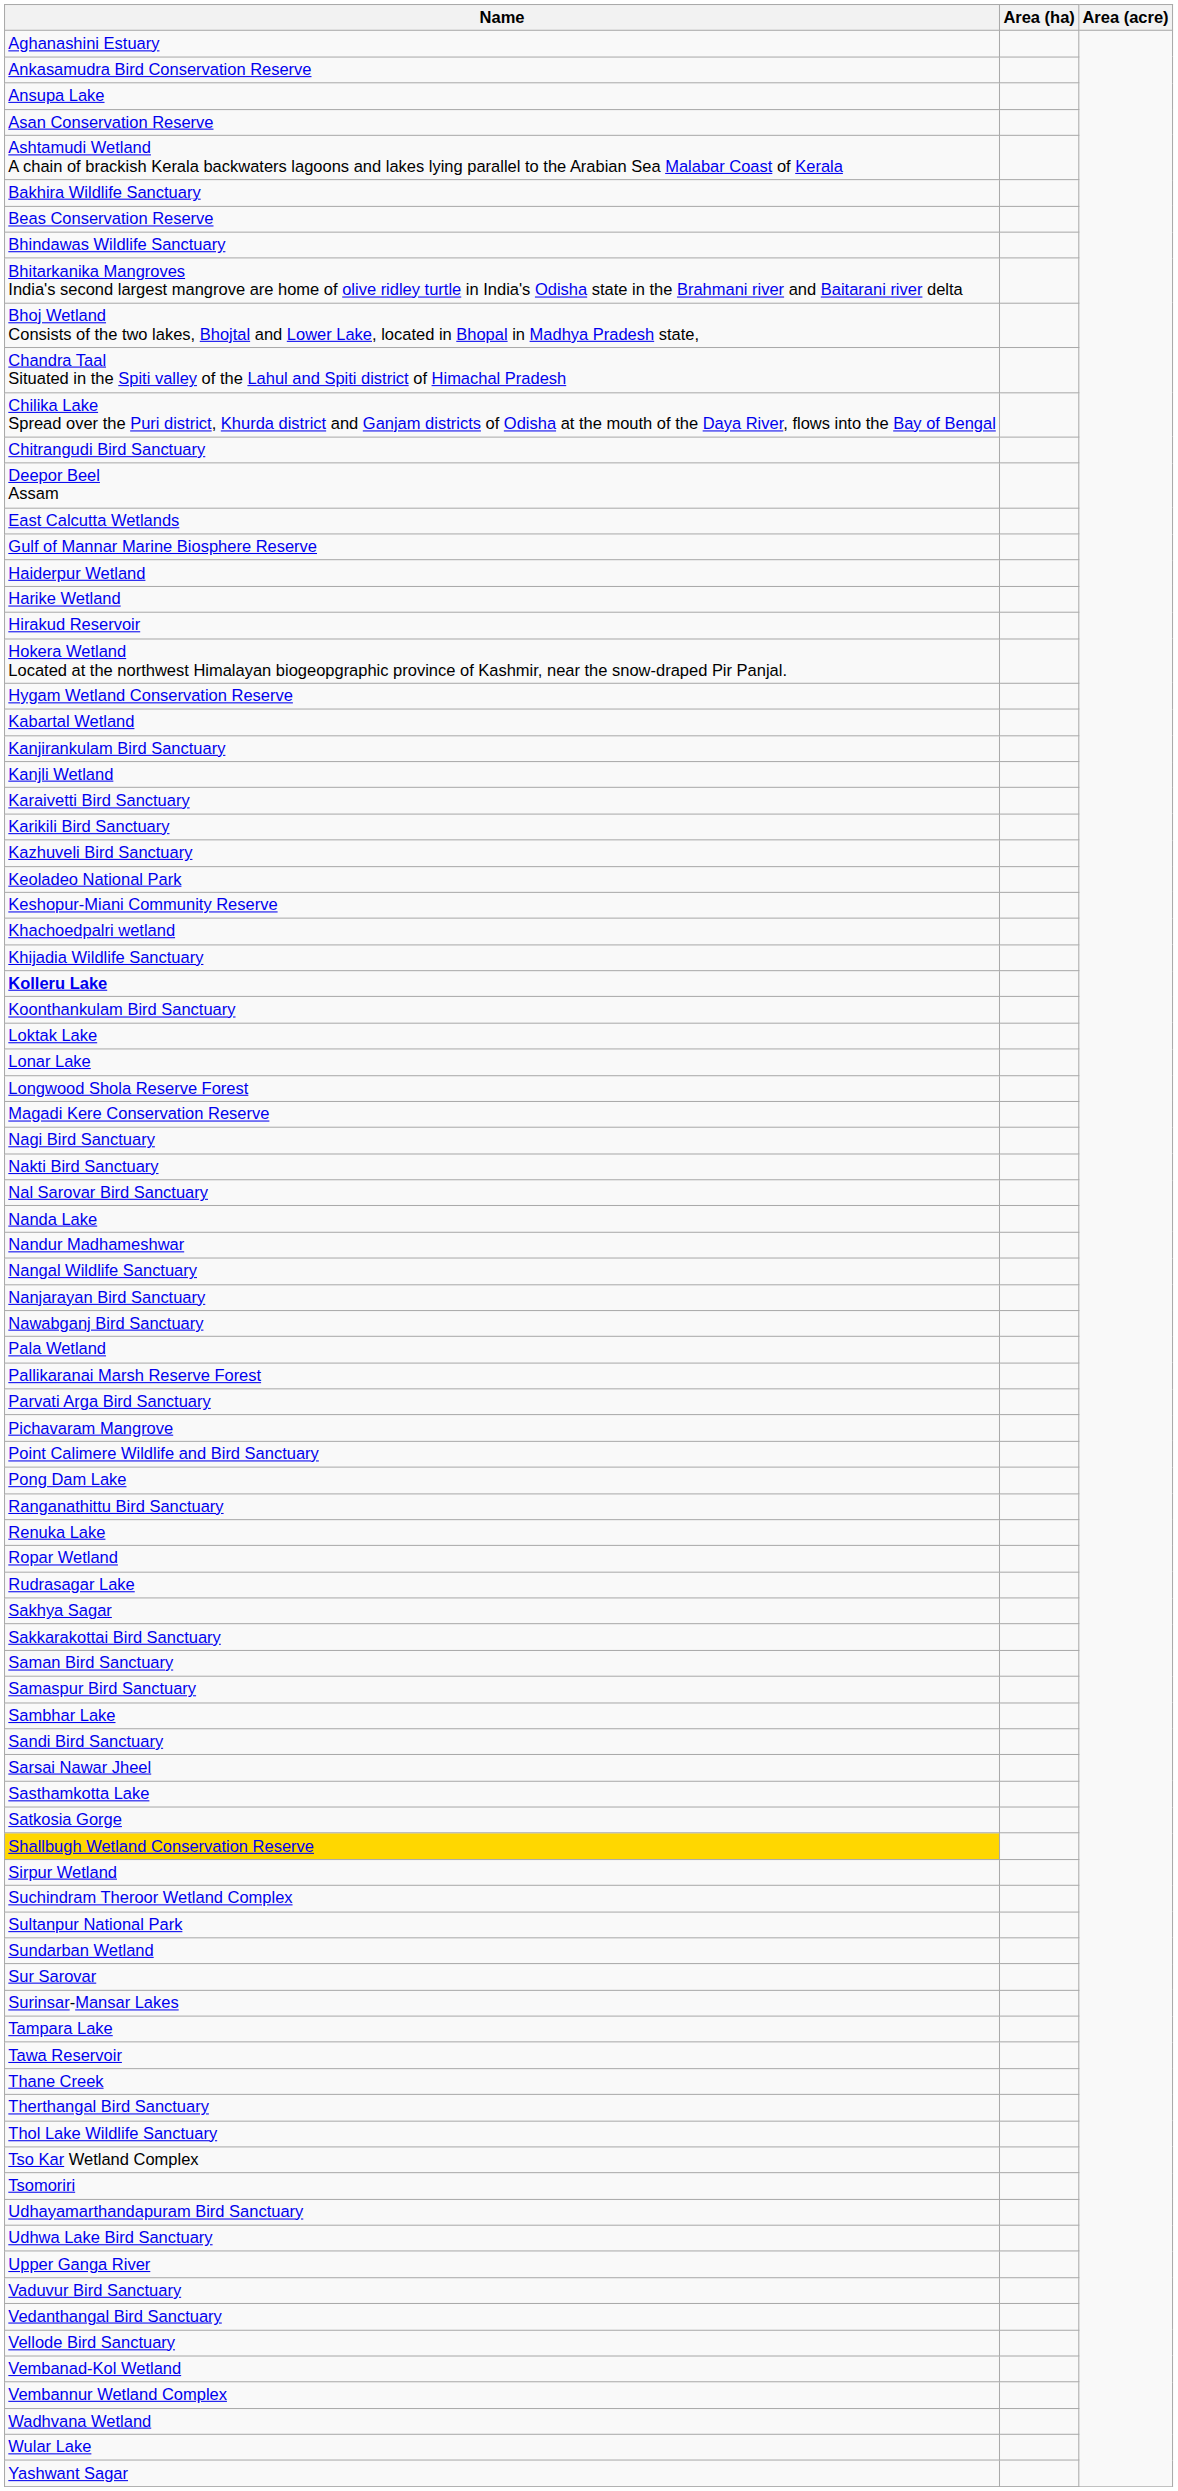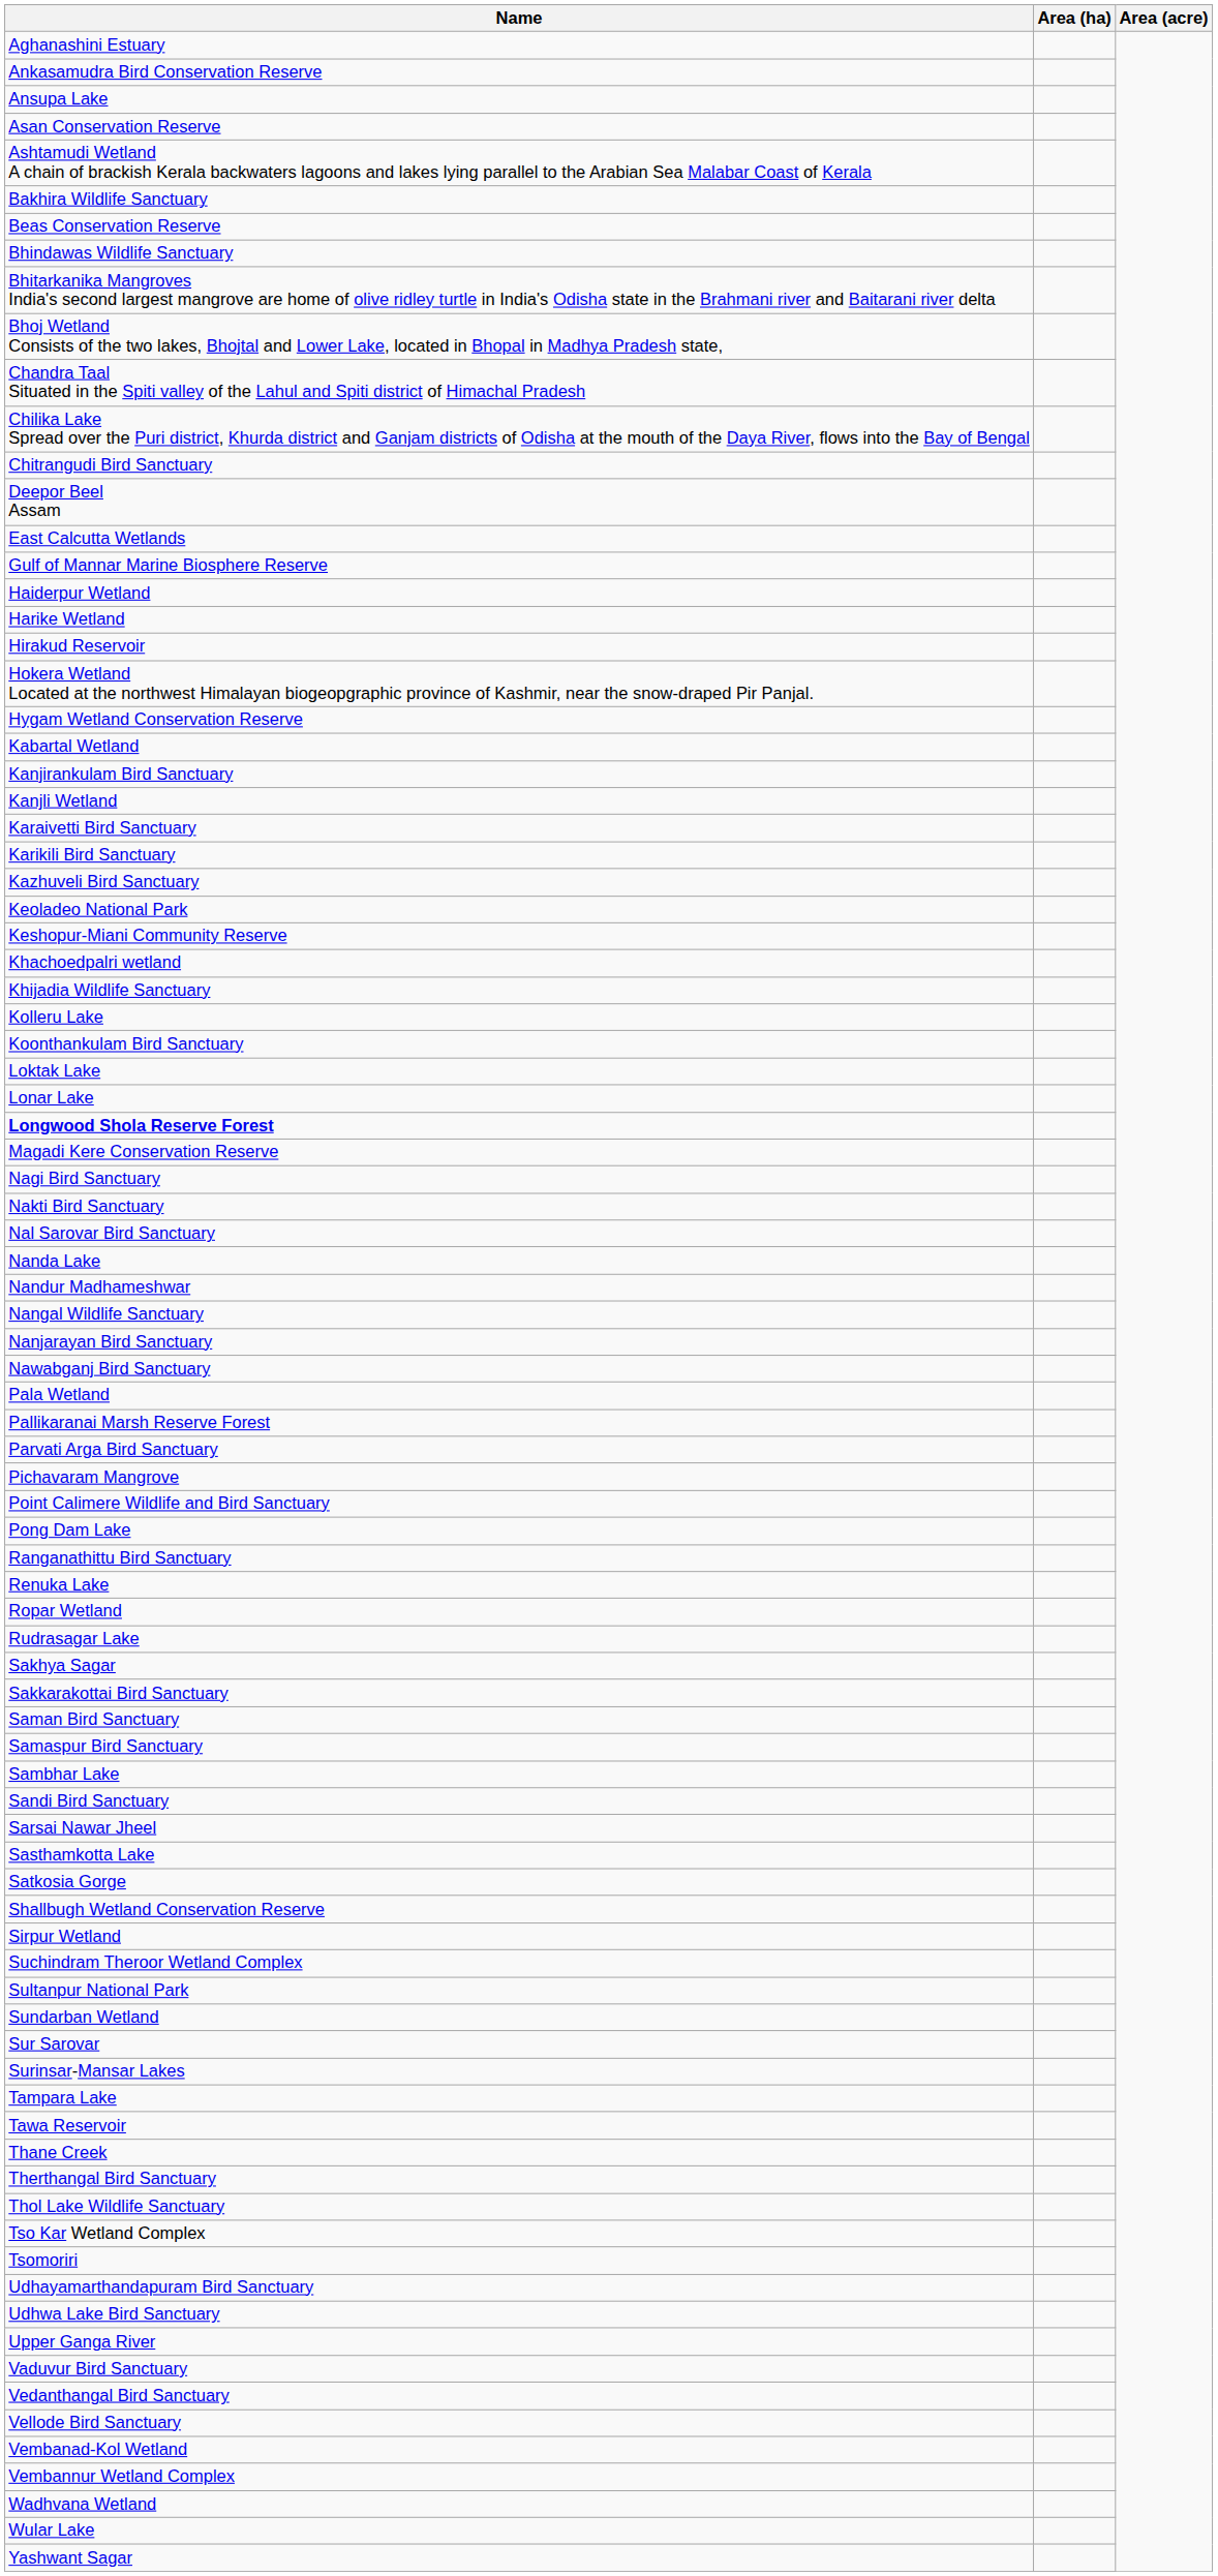 <table class="wikitable sortable">
 <tr>
 <th scope="col" align=left>Name</th>
 <th scope="col">Area (ha)</th>
 <th scope="col">Area (acre)</th>
 </tr>
 <tr ---->
 <td><a href='#'>Aghanashini Estuary</a></td>
 <td></td>
 </tr>
 <tr ---->
 <td><a href='#'>Ankasamudra Bird Conservation Reserve</a></td>
 <td></td>
 </tr>
 <tr ---->
 <td><a href='#'>Ansupa Lake</a></td>
 <td></td>
 </tr>
 <tr ---->
 <td><a href='#'>Asan Conservation Reserve</a></td>
 <td></td>
 </tr>
 <tr ---->
 <td><a href='#'>Ashtamudi Wetland</a> <br> A chain of brackish Kerala backwaters lagoons and lakes lying parallel to the Arabian Sea <a href='#'>Malabar Coast</a> of <a href='#'>Kerala</a></td>
 <td></td>
 </tr>
 <tr ---->
 <td><a href='#'>Bakhira Wildlife Sanctuary</a></td>
 <td></td>
 </tr>
 <tr ---->
 <td><a href='#'>Beas Conservation Reserve</a></td>
 <td></td>
 </tr>
 <tr ---->
 <td><a href='#'>Bhindawas Wildlife Sanctuary</a></td>
 <td></td>
 </tr>
 <tr ---->
 <td><a href='#'>Bhitarkanika Mangroves</a> <br> India's second largest mangrove are home of <a href='#'>olive ridley turtle</a> in India's <a href='#'>Odisha</a> state in the <a href='#'>Brahmani river</a> and <a href='#'>Baitarani river</a> delta</td>
 <td></td>
 </tr>
 <tr ---->
 <td><a href='#'>Bhoj Wetland</a> <br> Consists of the two lakes, <a href='#'>Bhojtal</a> and <a href='#'>Lower Lake</a>, located in <a href='#'>Bhopal</a> in <a href='#'>Madhya Pradesh</a> state,</td>
 <td></td>
 </tr>
 <tr ---->
 <td><a href='#'>Chandra Taal</a> <br> Situated in the <a href='#'>Spiti valley</a> of the <a href='#'>Lahul and Spiti district</a> of <a href='#'>Himachal Pradesh</a></td>
 <td></td>
 </tr>
 <tr ---->
 <td><a href='#'>Chilika Lake</a> <br> Spread over the <a href='#'>Puri district</a>, <a href='#'>Khurda district</a> and <a href='#'>Ganjam districts</a> of <a href='#'>Odisha</a> at the mouth of the <a href='#'>Daya River</a>, flows into the <a href='#'>Bay of Bengal</a></td>
 <td></td>
 </tr>
 <tr ---->
 <td><a href='#'>Chitrangudi Bird Sanctuary</a></td>
 <td></td>
 </tr>
 <tr ---->
 <td><a href='#'>Deepor Beel</a> <br> Assam</td>
 <td></td>
 </tr>
 <tr ---->
 <td><a href='#'>East Calcutta Wetlands</a></td>
 <td></td>
 </tr>
 <tr ---->
 <td><a href='#'>Gulf of Mannar Marine Biosphere Reserve</a></td>
 <td></td>
 </tr>
 <tr ---->
 <td><a href='#'>Haiderpur Wetland</a></td>
 <td></td>
 </tr>
 <tr ---->
 <td><a href='#'>Harike Wetland</a></td>
 <td></td>
 </tr>
 <tr ---->
 <td><a href='#'>Hirakud Reservoir</a></td>
 <td></td>
 </tr>
 <tr ---->
 <td><a href='#'>Hokera Wetland</a> <br>Located at the northwest Himalayan biogeopgraphic province of Kashmir, near the snow-draped Pir Panjal.</td>
 <td></td>
 </tr>
 <tr ---->
 <td><a href='#'>Hygam Wetland Conservation Reserve</a></td>
 <td></td>
 </tr>
 <tr ---->
 <td><a href='#'>Kabartal Wetland</a></td>
 <td></td>
 </tr>
 <tr ---->
 <td><a href='#'>Kanjirankulam Bird Sanctuary</a></td>
 <td></td>
 </tr>
 <tr ---->
 <td><a href='#'>Kanjli Wetland</a></td>
 <td></td>
 </tr>
 <tr ---->
 <td><a href='#'>Karaivetti Bird Sanctuary</a></td>
 <td></td>
 </tr>
 <tr ---->
 <td><a href='#'>Karikili Bird Sanctuary</a></td>
 <td></td>
 </tr>
 <tr ---->
 <td><a href='#'>Kazhuveli Bird Sanctuary</a></td>
 <td></td>
 </tr>
 <tr ---->
 <td><a href='#'>Keoladeo National Park</a></td>
 <td></td>
 </tr>
 <tr ---->
 <td><a href='#'>Keshopur-Miani Community Reserve</a></td>
 <td></td>
 </tr>
 <tr ---->
 <td><a href='#'>Khachoedpalri wetland</a></td>
 <td></td>
 </tr>
 <tr ---->
 <td><a href='#'>Khijadia Wildlife Sanctuary</a></td>
 <td></td>
 </tr>
 <tr ---->
-<td><strong><a href='#'>Kolleru Lake</a></strong></td>
+<td><a href='#'>Kolleru Lake</a></td>
 <td></td>
 </tr>
 <tr ---->
 <td><a href='#'>Koonthankulam Bird Sanctuary</a></td>
 <td></td>
 </tr>
 <tr ---->
 <td><a href='#'>Loktak Lake</a></td>
 <td></td>
 </tr>
 <tr ---->
 <td><a href='#'>Lonar Lake</a></td>
 <td></td>
 </tr>
 <tr ---->
-<td><a href='#'>Longwood Shola Reserve Forest</a></td>
+<td><strong><a href='#'>Longwood Shola Reserve Forest</a></strong></td>
 <td></td>
 </tr>
 <tr ---->
 <td><a href='#'>Magadi Kere Conservation Reserve</a></td>
 <td></td>
 </tr>
 <tr ---->
 <td><a href='#'>Nagi Bird Sanctuary</a></td>
 <td></td>
 </tr>
 <tr ---->
 <td><a href='#'>Nakti Bird Sanctuary</a></td>
 <td></td>
 </tr>
 <tr ---->
 <td><a href='#'>Nal Sarovar Bird Sanctuary</a></td>
 <td></td>
 </tr>
 <tr ---->
 <td><a href='#'>Nanda Lake</a></td>
 <td></td>
 </tr>
 <tr ---->
 <td><a href='#'>Nandur Madhameshwar</a></td>
 <td></td>
 </tr>
 <tr ---->
 <td><a href='#'>Nangal Wildlife Sanctuary</a></td>
 <td></td>
 </tr>
 <tr ---->
 <td><a href='#'>Nanjarayan Bird Sanctuary</a></td>
 <td></td>
 </tr>
 <tr ---->
 <td><a href='#'>Nawabganj Bird Sanctuary</a></td>
 <td></td>
 </tr>
 <tr ---->
 <td><a href='#'>Pala Wetland</a></td>
 <td></td>
 </tr>
 <tr ---->
 <td><a href='#'>Pallikaranai Marsh Reserve Forest</a></td>
 <td></td>
 </tr>
 <tr ---->
 <td><a href='#'>Parvati Arga Bird Sanctuary</a></td>
 <td></td>
 </tr>
 <tr ---->
 <td><a href='#'>Pichavaram Mangrove</a></td>
 <td></td>
 </tr>
 <tr ---->
 <td><a href='#'>Point Calimere Wildlife and Bird Sanctuary</a></td>
 <td></td>
 </tr>
 <tr ---->
 <td><a href='#'>Pong Dam Lake</a></td>
 <td></td>
 </tr>
 <tr ---->
 <td><a href='#'>Ranganathittu Bird Sanctuary</a></td>
 <td></td>
 </tr>
 <tr ---->
 <td><a href='#'>Renuka Lake</a></td>
 <td></td>
 </tr>
 <tr ---->
 <td><a href='#'>Ropar Wetland</a></td>
 <td></td>
 </tr>
 <tr ---->
 <td><a href='#'>Rudrasagar Lake</a></td>
 <td></td>
 </tr>
 <tr ---->
 <td><a href='#'>Sakhya Sagar</a></td>
 <td></td>
 </tr>
 <tr ---->
 <td><a href='#'>Sakkarakottai Bird Sanctuary</a></td>
 <td></td>
 </tr>
 <tr ---->
 <td><a href='#'>Saman Bird Sanctuary</a></td>
 <td></td>
 </tr>
 <tr ---->
 <td><a href='#'>Samaspur Bird Sanctuary</a></td>
 <td></td>
 </tr>
 <tr ---->
 <td><a href='#'>Sambhar Lake</a></td>
 <td></td>
 </tr>
 <tr ---->
 <td><a href='#'>Sandi Bird Sanctuary</a></td>
 <td></td>
 </tr>
 <tr ---->
 <td><a href='#'>Sarsai Nawar Jheel</a></td>
 <td></td>
 </tr>
 <tr ---->
 <td><a href='#'>Sasthamkotta Lake</a></td>
 <td></td>
 </tr>
 <tr ---->
 <td><a href='#'>Satkosia Gorge</a></td>
 <td></td>
 </tr>
 <tr ---->
-<td style="background: gold;"><a href='#'>Shallbugh Wetland Conservation Reserve</a></td>
+<td><a href='#'>Shallbugh Wetland Conservation Reserve</a></td>
 <td></td>
 </tr>
 <tr ---->
 <td><a href='#'>Sirpur Wetland</a></td>
 <td></td>
 </tr>
 <tr ---->
 <td><a href='#'>Suchindram Theroor Wetland Complex</a></td>
 <td></td>
 </tr>
 <tr ---->
 <td><a href='#'>Sultanpur National Park</a></td>
 <td></td>
 </tr>
 <tr ---->
 <td><a href='#'>Sundarban Wetland</a></td>
 <td></td>
 </tr>
 <tr ---->
 <td><a href='#'>Sur Sarovar</a></td>
 <td></td>
 </tr>
 <tr ---->
 <td><a href='#'>Surinsar</a>-<a href='#'>Mansar Lakes</a></td>
 <td></td>
 </tr>
 <tr ---->
 <td><a href='#'>Tampara Lake</a></td>
 <td></td>
 </tr>
 <tr ---->
 <td><a href='#'>Tawa Reservoir</a></td>
 <td></td>
 </tr>
 <tr ---->
 <td><a href='#'>Thane Creek</a></td>
 <td></td>
 </tr>
 <tr ---->
 <td><a href='#'>Therthangal Bird Sanctuary</a></td>
 <td></td>
 </tr>
 <tr ---->
 <td><a href='#'>Thol Lake Wildlife Sanctuary</a></td>
 <td></td>
 </tr>
 <tr ---->
 <td><a href='#'>Tso Kar</a> Wetland Complex</td>
 <td></td>
 </tr>
 <tr ---->
 <td><a href='#'>Tsomoriri</a></td>
 <td></td>
 </tr>
 <tr ---->
 <td><a href='#'>Udhayamarthandapuram Bird Sanctuary</a></td>
 <td></td>
 </tr>
 <tr ---->
 <td><a href='#'>Udhwa Lake Bird Sanctuary</a></td>
 <td></td>
 </tr>
 <tr ---->
 <td><a href='#'>Upper Ganga River</a></td>
 <td></td>
 </tr>
 <tr ---->
 <td><a href='#'>Vaduvur Bird Sanctuary</a></td>
 <td></td>
 </tr>
 <tr ---->
 <td><a href='#'>Vedanthangal Bird Sanctuary</a></td>
 <td></td>
 </tr>
 <tr ---->
 <td><a href='#'>Vellode Bird Sanctuary</a></td>
 <td></td>
 </tr>
 <tr ---->
 <td><a href='#'>Vembanad-Kol Wetland</a></td>
 <td></td>
 </tr>
 <tr ---->
 <td><a href='#'>Vembannur Wetland Complex</a></td>
 <td></td>
 </tr>
 <tr ---->
 <td><a href='#'>Wadhvana Wetland</a></td>
 <td></td>
 </tr>
 <tr ---->
 <td><a href='#'>Wular Lake</a></td>
 <td></td>
 </tr>
 <tr ---->
 <td><a href='#'>Yashwant Sagar</a></td>
 <td></td>
 </tr>
 <tr ---->
 </tr>
 </table>
